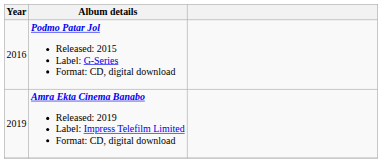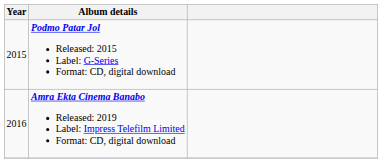 <table class="wikitable" style="text-align:center;">
 <tr>
 <th>Year</th>
 <th>Album details</th>
 <th class="unsortable" style="width: 300px;"></th>
 </tr>
 <tr>
-<td>2016</td>
+<td>2015</td>
 <td style="text-align:left;"><strong><em><a href='#'>Podmo Patar Jol</a></em></strong><br><ul><li>Released: 2015</li><li>Label: <a href='#'>G-Series</a></li><li>Format: CD, digital download</li></ul></td>
 <td></td>
 </tr>
 <tr>
-<td>2019</td>
+<td>2016</td>
 <td style="text-align:left;"><strong><em><a href='#'>Amra Ekta Cinema Banabo</a></em></strong><br><ul><li>Released: 2019</li><li>Label: <a href='#'>Impress Telefilm Limited</a></li><li>Format: CD, digital download</li></ul></td>
 <td></td>
 </tr>
 <tr>
 </tr>
 </table>
